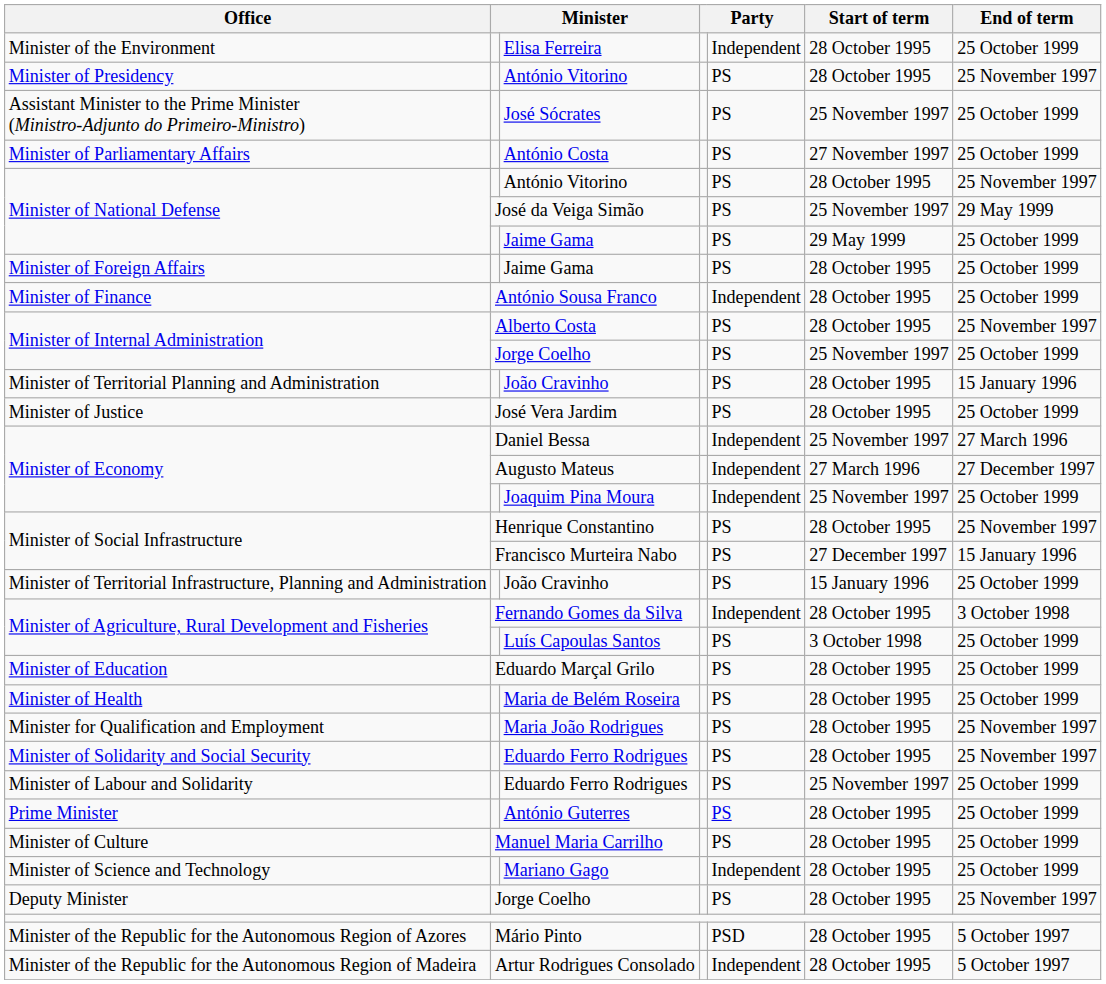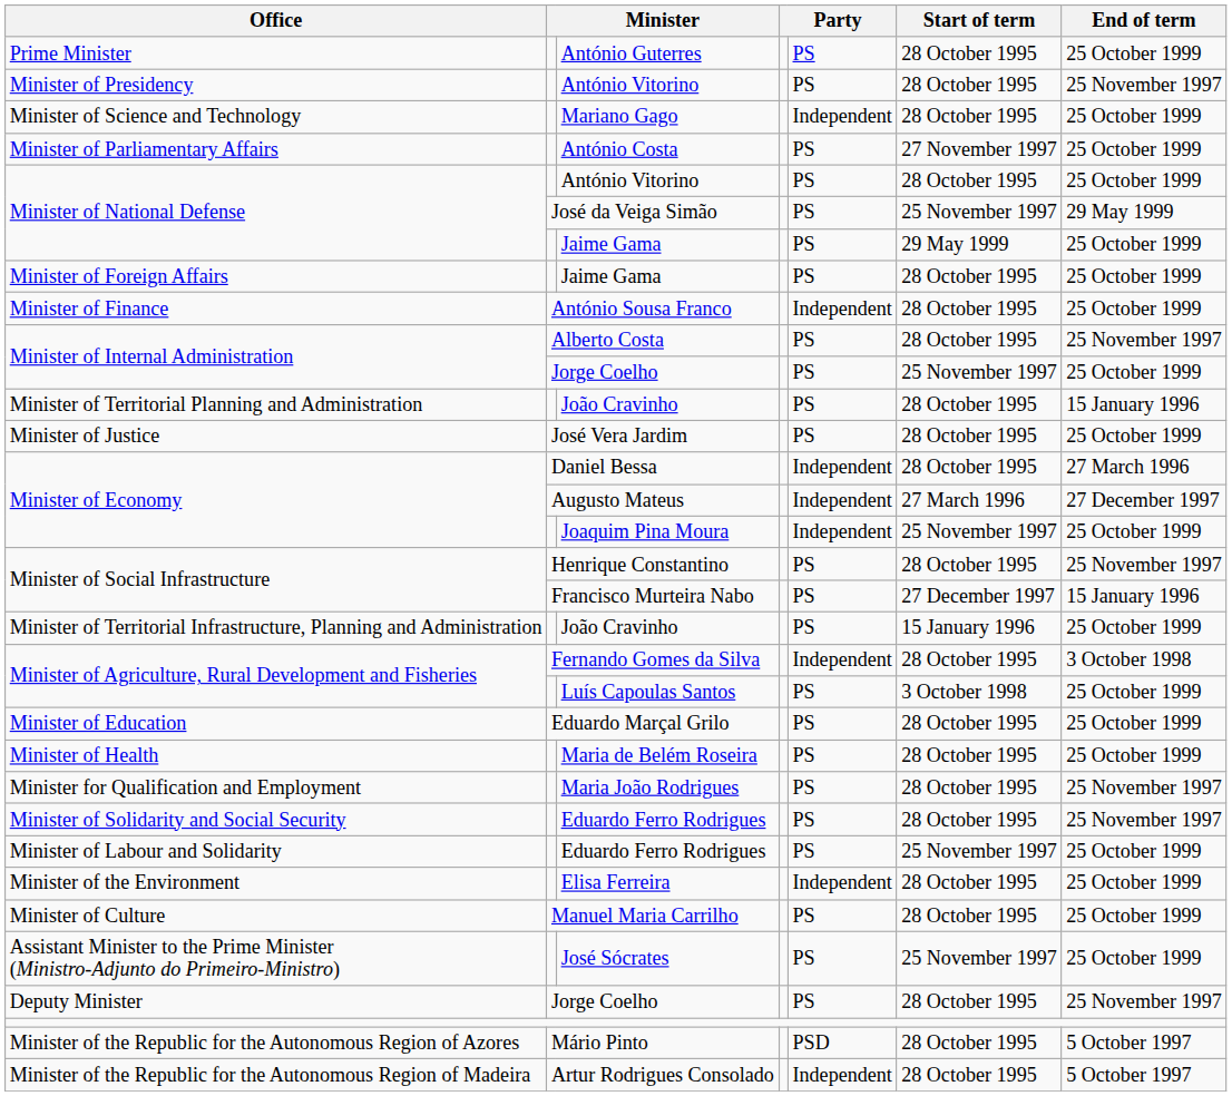 <table class="wikitable">
 <tr>
 <th>Office</th>
 <th colspan="2">Minister</th>
 <th colspan="2">Party</th>
 <th>Start of term</th>
 <th>End of term</th>
 </tr>
 <tr>
-<td>Minister of the Environment</td>
+<td><a href='#'>Prime Minister</a></td>
 <td></td>
-<td><a href='#'>Elisa Ferreira</a></td>
+<td><a href='#'>António Guterres</a></td>
 <td style="background:"></td>
-<td>Independent</td>
+<td><a href='#'>PS</a></td>
 <td>28 October 1995</td>
 <td>25 October 1999</td>
 </tr>
 <tr>
 <td><a href='#'>Minister of Presidency</a></td>
 <td></td>
 <td><a href='#'>António Vitorino</a></td>
 <td style="background:"></td>
 <td>PS</td>
 <td>28 October 1995</td>
 <td>25 November 1997</td>
 </tr>
 <tr>
-<td>Assistant Minister to the Prime Minister<br>(<em>Ministro-Adjunto do Primeiro-Ministro</em>)</td>
+<td>Minister of Science and Technology</td>
 <td></td>
-<td><a href='#'>José Sócrates</a></td>
+<td><a href='#'>Mariano Gago</a></td>
 <td style="background:"></td>
-<td>PS</td>
-<td>25 November 1997</td>
+<td>Independent</td>
+<td>28 October 1995</td>
 <td>25 October 1999</td>
 </tr>
 <tr>
 <td><a href='#'>Minister of Parliamentary Affairs</a></td>
 <td></td>
 <td><a href='#'>António Costa</a></td>
 <td style="background:"></td>
 <td>PS</td>
 <td>27 November 1997</td>
 <td>25 October 1999</td>
 </tr>
 <tr>
 <td rowspan="3"><a href='#'>Minister of National Defense</a></td>
 <td></td>
 <td>António Vitorino</td>
 <td style="background:"></td>
 <td>PS</td>
 <td>28 October 1995</td>
-<td>25 November 1997</td>
+<td>25 October 1999</td>
 </tr>
 <tr>
 <td colspan="2">José da Veiga Simão</td>
 <td style="background:"></td>
 <td>PS</td>
 <td>25 November 1997</td>
 <td>29 May 1999</td>
 </tr>
 <tr>
 <td></td>
 <td><a href='#'>Jaime Gama</a></td>
 <td style="background:"></td>
 <td>PS</td>
 <td>29 May 1999</td>
 <td>25 October 1999</td>
 </tr>
 <tr>
 <td><a href='#'>Minister of Foreign Affairs</a></td>
 <td></td>
 <td>Jaime Gama</td>
 <td style="background:"></td>
 <td>PS</td>
 <td>28 October 1995</td>
 <td>25 October 1999</td>
 </tr>
 <tr>
 <td><a href='#'>Minister of Finance</a></td>
 <td colspan="2"><a href='#'>António Sousa Franco</a></td>
 <td style="background:"></td>
 <td>Independent</td>
 <td>28 October 1995</td>
 <td>25 October 1999</td>
 </tr>
 <tr>
 <td rowspan="2"><a href='#'>Minister of Internal Administration</a></td>
 <td colspan="2"><a href='#'>Alberto Costa</a></td>
 <td style="background:"></td>
 <td>PS</td>
 <td>28 October 1995</td>
 <td>25 November 1997</td>
 </tr>
 <tr>
 <td colspan="2"><a href='#'>Jorge Coelho</a></td>
 <td style="background:"></td>
 <td>PS</td>
 <td>25 November 1997</td>
 <td>25 October 1999</td>
 </tr>
 <tr>
 <td>Minister of Territorial Planning and Administration</td>
 <td></td>
 <td><a href='#'>João Cravinho</a></td>
 <td style="background:"></td>
 <td>PS</td>
 <td>28 October 1995</td>
 <td>15 January 1996</td>
 </tr>
 <tr>
 <td>Minister of Justice</td>
 <td colspan="2">José Vera Jardim</td>
 <td style="background:"></td>
 <td>PS</td>
 <td>28 October 1995</td>
 <td>25 October 1999</td>
 </tr>
 <tr>
 <td rowspan="3"><a href='#'>Minister of Economy</a></td>
 <td colspan="2">Daniel Bessa</td>
 <td style="background:"></td>
 <td>Independent</td>
-<td>25 November 1997</td>
+<td>28 October 1995</td>
 <td>27 March 1996</td>
 </tr>
 <tr>
 <td colspan="2">Augusto Mateus</td>
 <td style="background:"></td>
 <td>Independent</td>
 <td>27 March 1996</td>
 <td>27 December 1997</td>
 </tr>
 <tr>
 <td></td>
 <td><a href='#'>Joaquim Pina Moura</a></td>
 <td style="background:"></td>
 <td>Independent</td>
 <td>25 November 1997</td>
 <td>25 October 1999</td>
 </tr>
 <tr>
 <td rowspan="2">Minister of Social Infrastructure</td>
 <td colspan="2">Henrique Constantino</td>
 <td style="background:"></td>
 <td>PS</td>
 <td>28 October 1995</td>
 <td>25 November 1997</td>
 </tr>
 <tr>
 <td colspan="2">Francisco Murteira Nabo</td>
 <td style="background:"></td>
 <td>PS</td>
 <td>27 December 1997</td>
 <td>15 January 1996</td>
 </tr>
 <tr>
 <td>Minister of Territorial Infrastructure, Planning and Administration</td>
 <td></td>
 <td>João Cravinho</td>
 <td style="background:"></td>
 <td>PS</td>
 <td>15 January 1996</td>
 <td>25 October 1999</td>
 </tr>
 <tr>
 <td rowspan="2"><a href='#'>Minister of Agriculture, Rural Development and Fisheries</a></td>
 <td colspan="2"><a href='#'>Fernando Gomes da Silva</a></td>
 <td style="background:"></td>
 <td>Independent</td>
 <td>28 October 1995</td>
 <td>3 October 1998</td>
 </tr>
 <tr>
 <td></td>
 <td><a href='#'>Luís Capoulas Santos</a></td>
 <td style="background:"></td>
 <td>PS</td>
 <td>3 October 1998</td>
 <td>25 October 1999</td>
 </tr>
 <tr>
 <td><a href='#'>Minister of Education</a></td>
 <td colspan="2">Eduardo Marçal Grilo</td>
 <td style="background:"></td>
 <td>PS</td>
 <td>28 October 1995</td>
 <td>25 October 1999</td>
 </tr>
 <tr>
 <td><a href='#'>Minister of Health</a></td>
 <td></td>
 <td><a href='#'>Maria de Belém Roseira</a></td>
 <td style="background:"></td>
 <td>PS</td>
 <td>28 October 1995</td>
 <td>25 October 1999</td>
 </tr>
 <tr>
 <td>Minister for Qualification and Employment</td>
 <td></td>
 <td><a href='#'>Maria João Rodrigues</a></td>
 <td style="background:"></td>
 <td>PS</td>
 <td>28 October 1995</td>
 <td>25 November 1997</td>
 </tr>
 <tr>
 <td><a href='#'>Minister of Solidarity and Social Security</a></td>
 <td></td>
 <td><a href='#'>Eduardo Ferro Rodrigues</a></td>
 <td style="background:"></td>
 <td>PS</td>
 <td>28 October 1995</td>
 <td>25 November 1997</td>
 </tr>
 <tr>
 <td>Minister of Labour and Solidarity</td>
 <td></td>
 <td>Eduardo Ferro Rodrigues</td>
 <td style="background:"></td>
 <td>PS</td>
 <td>25 November 1997</td>
 <td>25 October 1999</td>
 </tr>
 <tr>
-<td><a href='#'>Prime Minister</a></td>
+<td>Minister of the Environment</td>
 <td></td>
-<td><a href='#'>António Guterres</a></td>
+<td><a href='#'>Elisa Ferreira</a></td>
 <td style="background:"></td>
-<td><a href='#'>PS</a></td>
+<td>Independent</td>
 <td>28 October 1995</td>
 <td>25 October 1999</td>
 </tr>
 <tr>
 <td>Minister of Culture</td>
 <td colspan="2"><a href='#'>Manuel Maria Carrilho</a></td>
 <td style="background:"></td>
 <td>PS</td>
 <td>28 October 1995</td>
 <td>25 October 1999</td>
 </tr>
 <tr>
-<td>Minister of Science and Technology</td>
+<td>Assistant Minister to the Prime Minister<br>(<em>Ministro-Adjunto do Primeiro-Ministro</em>)</td>
 <td></td>
-<td><a href='#'>Mariano Gago</a></td>
+<td><a href='#'>José Sócrates</a></td>
 <td style="background:"></td>
-<td>Independent</td>
-<td>28 October 1995</td>
+<td>PS</td>
+<td>25 November 1997</td>
 <td>25 October 1999</td>
 </tr>
 <tr>
 <td>Deputy Minister</td>
 <td colspan="2">Jorge Coelho</td>
 <td style="background:"></td>
 <td>PS</td>
 <td>28 October 1995</td>
 <td>25 November 1997</td>
 </tr>
 <tr>
 <td colspan="7"></td>
 </tr>
 <tr>
 <td>Minister of the Republic for the Autonomous Region of Azores</td>
 <td colspan="2">Mário Pinto</td>
 <td style="background:"></td>
 <td>PSD</td>
 <td>28 October 1995</td>
 <td>5 October 1997</td>
 </tr>
 <tr>
 <td>Minister of the Republic for the Autonomous Region of Madeira</td>
 <td colspan="2">Artur Rodrigues Consolado</td>
 <td style="background:"></td>
 <td>Independent</td>
 <td>28 October 1995</td>
 <td>5 October 1997</td>
 </tr>
 </table>
